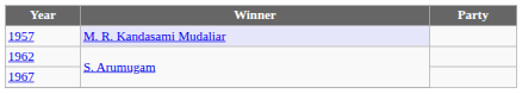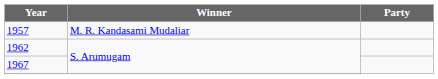 <table class="wikitable" width="50%">
 <tr>
 <th style="background-color:#666666; color:white">Year</th>
 <th style="background-color:#666666; color:white">Winner</th>
 <th style="background-color:#666666; color:white" colspan="2">Party</th>
 </tr>
 <tr>
 <td><a href='#'>1957</a></td>
-<td style="background: lavender;"><a href='#'>M. R. Kandasami Mudaliar</a></td>
+<td><a href='#'>M. R. Kandasami Mudaliar</a></td>
 <td></td>
 </tr>
 <tr>
 <td><a href='#'>1962</a></td>
 <td rowspan=2><a href='#'>S. Arumugam</a></td>
 <td></td>
 </tr>
 <tr>
 <td><a href='#'>1967</a></td>
 </tr>
 <tr>
 </tr>
 </table>
